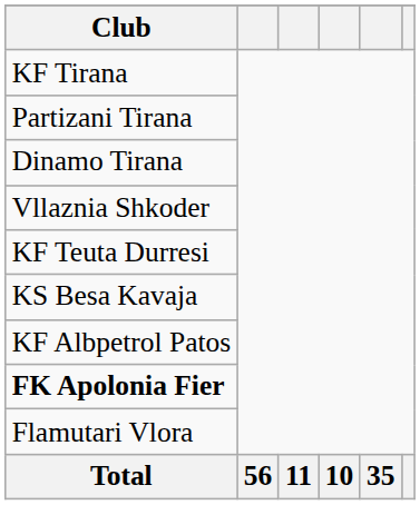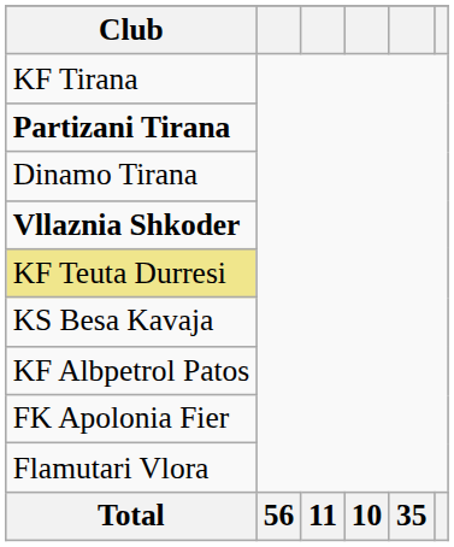 <table class="wikitable floatright">
 <tr>
 </tr>
 <tr>
 <th>Club</th>
 <th></th>
 <th></th>
 <th></th>
 <th></th>
 <th></th>
 </tr>
 <tr>
 <td>KF Tirana<br></td>
 </tr>
 <tr>
-<td>Partizani Tirana<br></td>
+<td><strong>Partizani Tirana<br></strong></td>
 </tr>
 <tr>
 <td>Dinamo Tirana<br></td>
 </tr>
 <tr>
-<td>Vllaznia Shkoder<br></td>
+<td><strong>Vllaznia Shkoder<br></strong></td>
 </tr>
 <tr>
-<td>KF Teuta Durresi<br></td>
+<td style="background: khaki;">KF Teuta Durresi<br></td>
 </tr>
 <tr>
 <td>KS Besa Kavaja<br></td>
 </tr>
 <tr>
 <td>KF Albpetrol Patos<br></td>
 </tr>
 <tr>
-<td><strong>FK Apolonia Fier<br></strong></td>
+<td>FK Apolonia Fier<br></td>
 </tr>
 <tr>
 <td>Flamutari Vlora<br></td>
 </tr>
 <tr>
 <th>Total</th>
 <th>56</th>
 <th>11</th>
 <th>10</th>
 <th>35</th>
 <th></th>
 </tr>
 </table>
